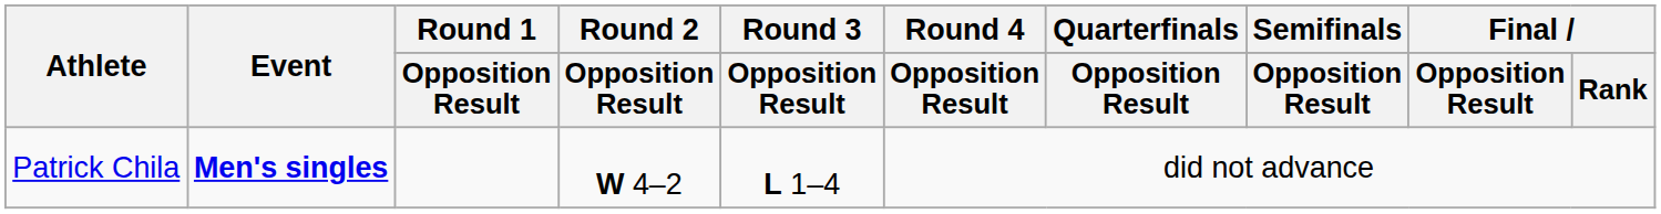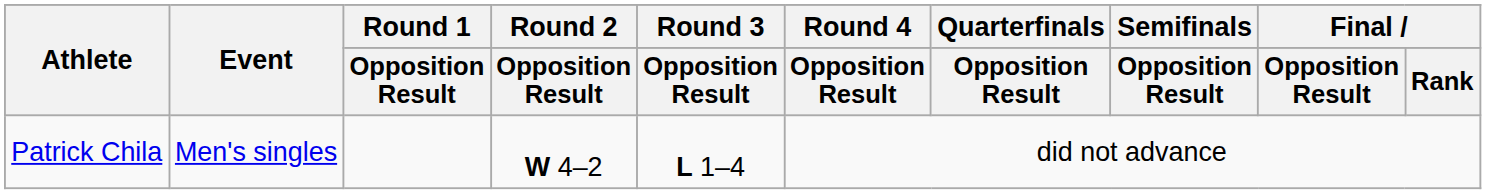 <table class="wikitable" style="font-size:90%">
 <tr>
 <th rowspan="2">Athlete</th>
 <th rowspan="2">Event</th>
 <th>Round 1</th>
 <th>Round 2</th>
 <th>Round 3</th>
 <th>Round 4</th>
 <th>Quarterfinals</th>
 <th>Semifinals</th>
 <th colspan=2>Final / </th>
 </tr>
 <tr style="font-size:95%">
 <th>Opposition<br>Result</th>
 <th>Opposition<br>Result</th>
 <th>Opposition<br>Result</th>
 <th>Opposition<br>Result</th>
 <th>Opposition<br>Result</th>
 <th>Opposition<br>Result</th>
 <th>Opposition<br>Result</th>
 <th>Rank</th>
 </tr>
 <tr align=center>
 <td align=left><a href='#'>Patrick Chila</a></td>
-<td align=left><strong><a href='#'>Men's singles</a></strong></td>
+<td align=left><a href='#'>Men's singles</a></td>
 <td></td>
 <td><br><strong>W</strong> 4–2</td>
 <td><br><strong>L</strong> 1–4</td>
 <td colspan=5>did not advance</td>
 </tr>
 </table>
